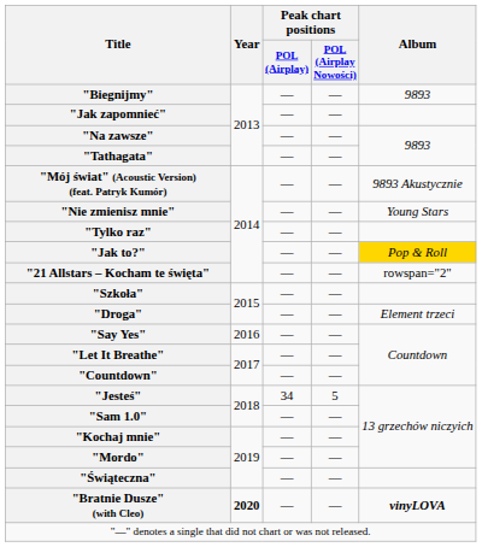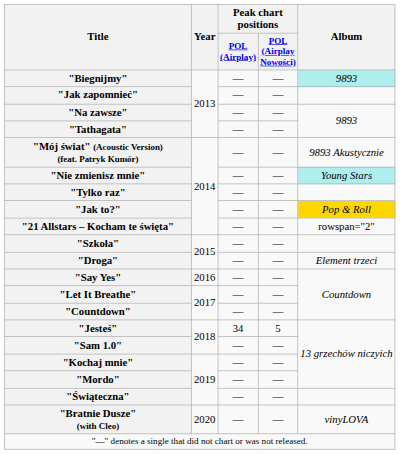 <table class="wikitable plainrowheaders" style="text-align:center;">
 <tr>
 <th scope="col" rowspan="2" style="width:17em;">Title</th>
 <th scope="col" rowspan="2" style="width:1em;">Year</th>
 <th scope="col" colspan="2">Peak chart positions</th>
 <th scope="col" rowspan="2">Album</th>
 </tr>
 <tr>
 <th scope="col" style="width:3em;font-size:85%;"><a href='#'>POL<br>(Airplay)</a></th>
 <th scope="col" style="width:3em;font-size:85%;"><a href='#'>POL<br>(Airplay Nowości)</a></th>
 </tr>
 <tr>
 <th scope="row">"Biegnijmy"</th>
 <td rowspan="4">2013</td>
 <td>—</td>
 <td>—</td>
-<td><em>9893</em></td>
+<td style="background: paleturquoise;"><em>9893</em></td>
 </tr>
 <tr>
 <th scope="row">"Jak zapomnieć"</th>
 <td>—</td>
 <td>—</td>
 <td></td>
 </tr>
 <tr>
 <th scope="row">"Na zawsze"</th>
 <td>—</td>
 <td>—</td>
 <td rowspan="2"><em>9893</em></td>
 </tr>
 <tr>
 <th scope="row">"Tathagata"</th>
 <td>—</td>
 <td>—</td>
 </tr>
 <tr>
 <th scope="row">"Mój świat" <small>(Acoustic Version)</small><br><small>(feat. Patryk Kumór)</small></th>
 <td rowspan="5">2014</td>
 <td>—</td>
 <td>—</td>
 <td><em>9893 Akustycznie</em></td>
 </tr>
 <tr>
 <th scope="row">"Nie zmienisz mnie"</th>
 <td>—</td>
 <td>—</td>
-<td><em>Young Stars</em></td>
+<td style="background: paleturquoise;"><em>Young Stars</em></td>
 </tr>
 <tr>
 <th scope="row">"Tylko raz"</th>
 <td>—</td>
 <td>—</td>
 <td></td>
 </tr>
 <tr>
 <th scope="row">"Jak to?"</th>
 <td>—</td>
 <td>—</td>
 <td style="background: gold;"><em>Pop & Roll</em></td>
 </tr>
 <tr>
 <th scope="row">"21 Allstars – Kocham te święta"</th>
 <td>—</td>
 <td>—</td>
 <td>rowspan="2" </td>
 </tr>
 <tr>
 <th scope="row">"Szkoła"</th>
 <td rowspan="2">2015</td>
 <td>—</td>
 <td>—</td>
 </tr>
 <tr>
 <th scope="row">"Droga"</th>
 <td>—</td>
 <td>—</td>
 <td><em>Element trzeci</em></td>
 </tr>
 <tr>
 <th scope="row">"Say Yes"</th>
 <td>2016</td>
 <td>—</td>
 <td>—</td>
 <td rowspan="3"><em>Countdown</em></td>
 </tr>
 <tr>
 <th scope="row">"Let It Breathe"</th>
 <td rowspan="2">2017</td>
 <td>—</td>
 <td>—</td>
 </tr>
 <tr>
 <th scope="row">"Countdown"</th>
 <td>—</td>
 <td>—</td>
 </tr>
 <tr>
 <th scope="row">"Jesteś"</th>
 <td rowspan="2">2018</td>
 <td>34</td>
 <td>5</td>
 <td rowspan="4"><em>13 grzechów niczyich</em></td>
 </tr>
 <tr>
 <th scope="row">"Sam 1.0"</th>
 <td>—</td>
 <td>—</td>
 </tr>
 <tr>
 <th scope="row">"Kochaj mnie"</th>
 <td rowspan="3">2019</td>
 <td>—</td>
 <td>—</td>
 </tr>
 <tr>
 <th scope="row">"Mordo"</th>
 <td>—</td>
 <td>—</td>
 </tr>
 <tr>
 <th scope="row">"Świąteczna"</th>
 <td>—</td>
 <td>—</td>
 <td></td>
 </tr>
 <tr>
 <th scope="row">"Bratnie Dusze"<br><small>(with Cleo)</small></th>
-<td><strong>2020</strong></td>
+<td>2020</td>
 <td>—</td>
 <td>—</td>
-<td><strong><em>vinyLOVA</em></strong></td>
+<td><em>vinyLOVA</em></td>
 </tr>
 <tr>
 <td colspan="23" style="text-align:center; font-size:85%;">"—" denotes a single that did not chart or was not released.</td>
 </tr>
 </table>
